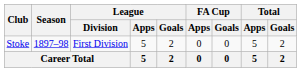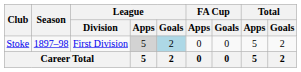 <table class="wikitable" style="text-align: center;">
 <tr>
 <th rowspan="2">Club</th>
 <th rowspan="2">Season</th>
 <th colspan="3">League</th>
 <th colspan="2">FA Cup</th>
 <th colspan="2">Total</th>
 </tr>
 <tr>
 <th>Division</th>
 <th>Apps</th>
 <th>Goals</th>
 <th>Apps</th>
 <th>Goals</th>
 <th>Apps</th>
 <th>Goals</th>
 </tr>
 <tr>
 <td><a href='#'>Stoke</a></td>
 <td><a href='#'>1897–98</a></td>
 <td><a href='#'>First Division</a></td>
-<td>5</td>
-<td>2</td>
+<td style="background: lightgrey;">5</td>
+<td style="background: lightblue;">2</td>
 <td>0</td>
 <td>0</td>
 <td>5</td>
 <td>2</td>
 </tr>
 <tr>
 <th colspan="3">Career Total</th>
 <th>5</th>
 <th>2</th>
 <th>0</th>
 <th>0</th>
 <th>5</th>
 <th>2</th>
 </tr>
 </table>
